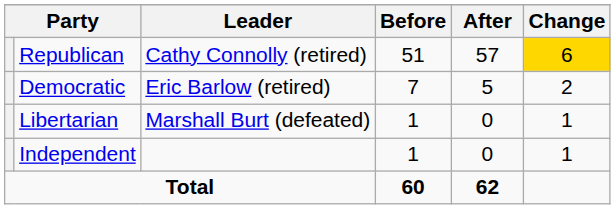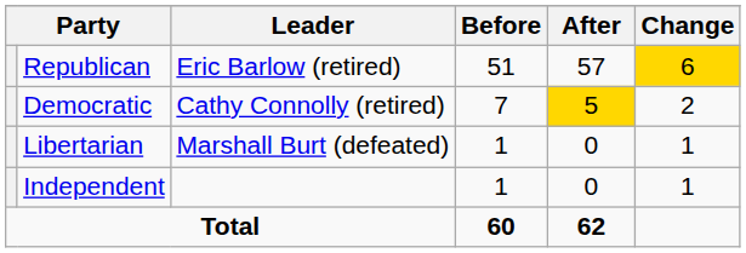 <table class="wikitable" style="text-align:center;">
 <tr>
 </tr>
 <tr>
 <th colspan=2>Party</th>
 <th>Leader</th>
 <th style="width:3em">Before</th>
 <th style="width:3em">After</th>
 <th style="width:3em">Change</th>
 </tr>
 <tr>
 <th style="background-color:"></th>
 <td style="text-align:left;"><a href='#'>Republican</a></td>
-<td style="text-align:left;"><a href='#'>Cathy Connolly</a> (retired)</td>
+<td style="text-align:left;"><a href='#'>Eric Barlow</a> (retired)</td>
 <td>51</td>
 <td>57</td>
 <td style="background: gold;"> 6</td>
 </tr>
 <tr>
 <th style="background-color:"></th>
 <td style="text-align:left;"><a href='#'>Democratic</a></td>
-<td style="text-align:left;"><a href='#'>Eric Barlow</a> (retired)</td>
+<td style="text-align:left;"><a href='#'>Cathy Connolly</a> (retired)</td>
 <td>7</td>
-<td>5</td>
+<td style="background: gold;">5</td>
 <td> 2</td>
 </tr>
 <tr>
 <th style="background-color:"></th>
 <td style="text-align:left;"><a href='#'>Libertarian</a></td>
 <td style="text-align:left;"><a href='#'>Marshall Burt</a> (defeated)</td>
 <td>1</td>
 <td>0</td>
 <td> 1</td>
 </tr>
 <tr>
 <th style="background-color:"></th>
 <td style="text-align:left;"><a href='#'>Independent</a></td>
 <td></td>
 <td>1</td>
 <td>0</td>
 <td> 1</td>
 </tr>
 <tr>
 <td colspan=3><strong>Total</strong></td>
 <td><strong>60</strong></td>
 <td><strong>62</strong></td>
 <td></td>
 </tr>
 </table>
